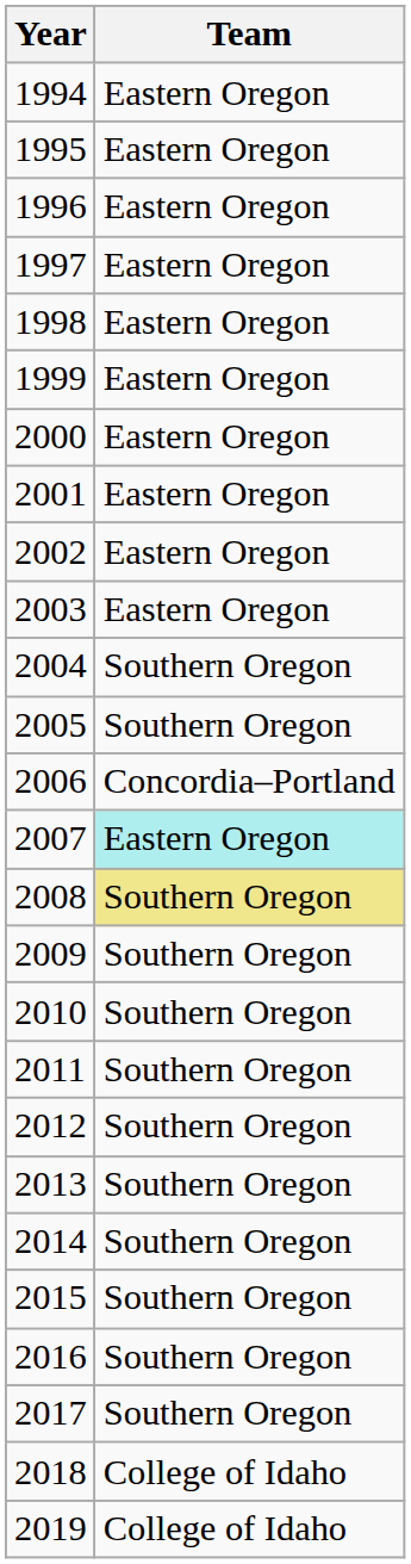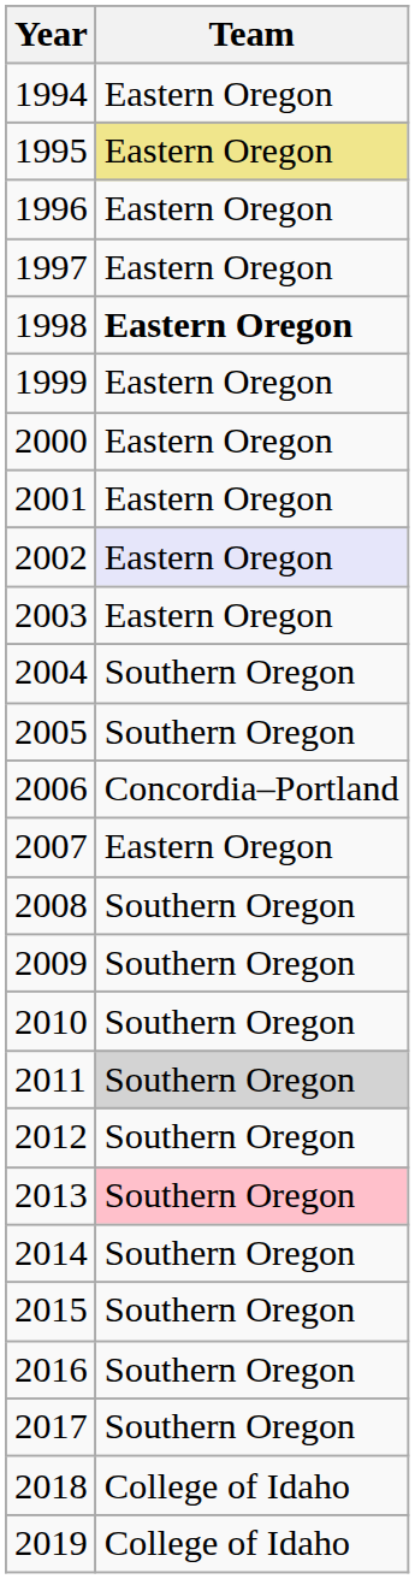 <table class="wikitable">
 <tr>
 <th>Year</th>
 <th>Team</th>
 </tr>
 <tr>
 <td>1994</td>
 <td>Eastern Oregon</td>
 </tr>
 <tr>
 <td>1995</td>
-<td>Eastern Oregon</td>
+<td style="background: khaki;">Eastern Oregon</td>
 </tr>
 <tr>
 <td>1996</td>
 <td>Eastern Oregon</td>
 </tr>
 <tr>
 <td>1997</td>
 <td>Eastern Oregon</td>
 </tr>
 <tr>
 <td>1998</td>
-<td>Eastern Oregon</td>
+<td><strong>Eastern Oregon</strong></td>
 </tr>
 <tr>
 <td>1999</td>
 <td>Eastern Oregon</td>
 </tr>
 <tr>
 <td>2000</td>
 <td>Eastern Oregon</td>
 </tr>
 <tr>
 <td>2001</td>
 <td>Eastern Oregon</td>
 </tr>
 <tr>
 <td>2002</td>
-<td>Eastern Oregon</td>
+<td style="background: lavender;">Eastern Oregon</td>
 </tr>
 <tr>
 <td>2003</td>
 <td>Eastern Oregon</td>
 </tr>
 <tr>
 <td>2004</td>
 <td>Southern Oregon</td>
 </tr>
 <tr>
 <td>2005</td>
 <td>Southern Oregon</td>
 </tr>
 <tr>
 <td>2006</td>
 <td>Concordia–Portland</td>
 </tr>
 <tr>
 <td>2007</td>
-<td style="background: paleturquoise;">Eastern Oregon</td>
+<td>Eastern Oregon</td>
 </tr>
 <tr>
 <td>2008</td>
-<td style="background: khaki;">Southern Oregon</td>
+<td>Southern Oregon</td>
 </tr>
 <tr>
 <td>2009</td>
 <td>Southern Oregon</td>
 </tr>
 <tr>
 <td>2010</td>
 <td>Southern Oregon</td>
 </tr>
 <tr>
 <td>2011</td>
-<td>Southern Oregon</td>
+<td style="background: lightgrey;">Southern Oregon</td>
 </tr>
 <tr>
 <td>2012</td>
 <td>Southern Oregon</td>
 </tr>
 <tr>
 <td>2013</td>
-<td>Southern Oregon</td>
+<td style="background: pink;">Southern Oregon</td>
 </tr>
 <tr>
 <td>2014</td>
 <td>Southern Oregon</td>
 </tr>
 <tr>
 <td>2015</td>
 <td>Southern Oregon</td>
 </tr>
 <tr>
 <td>2016</td>
 <td>Southern Oregon</td>
 </tr>
 <tr>
 <td>2017</td>
 <td>Southern Oregon</td>
 </tr>
 <tr>
 <td>2018</td>
 <td>College of Idaho</td>
 </tr>
 <tr>
 <td>2019</td>
 <td>College of Idaho</td>
 </tr>
 </table>
